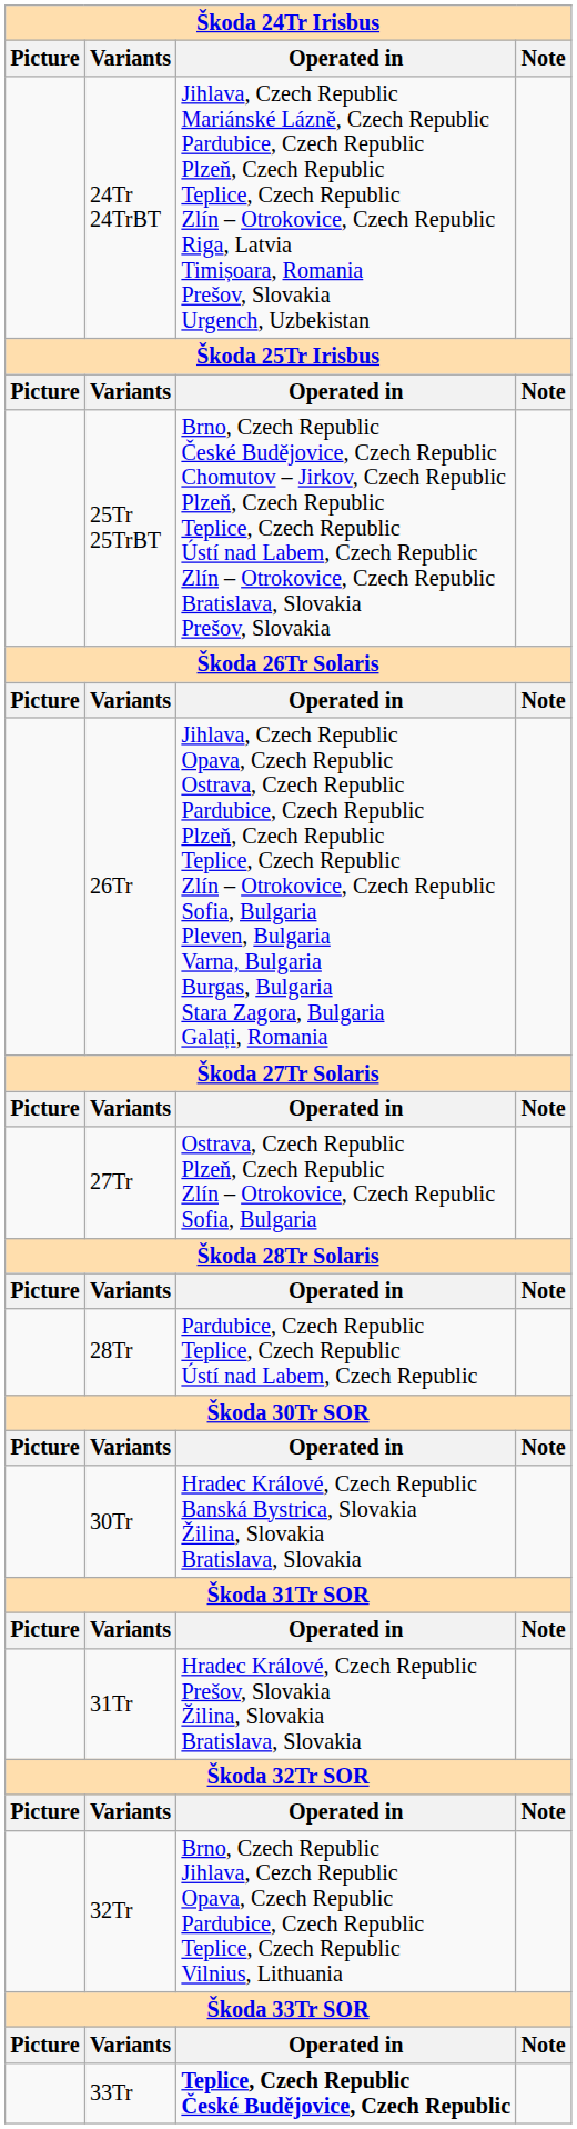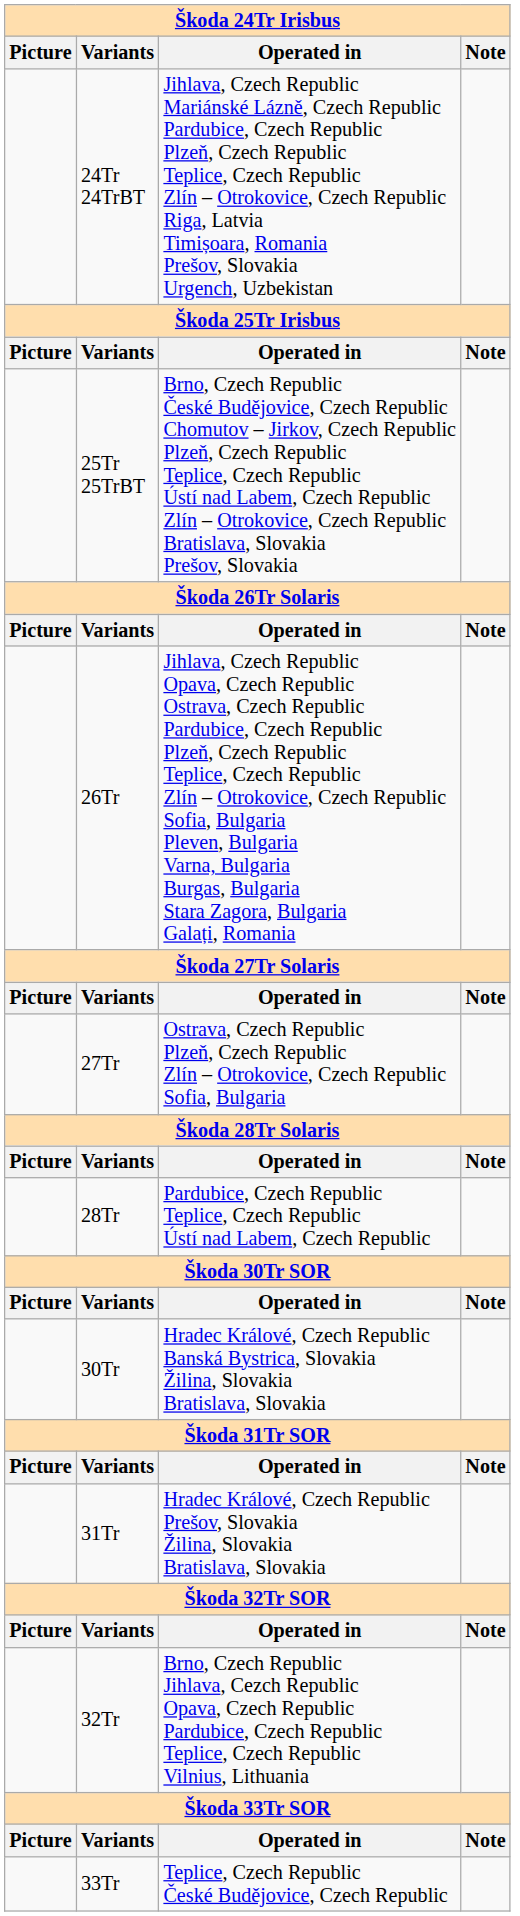 <table class="wikitable">
 <tr>
 <th colspan="4" style="background: #ffdead;"><a href='#'>Škoda 24Tr Irisbus</a></th>
 </tr>
 <tr>
 <th>Picture</th>
 <th>Variants</th>
 <th>Operated in</th>
 <th>Note</th>
 </tr>
 <tr>
 <td rowspan="1"></td>
 <td>24Tr <br> 24TrBT</td>
 <td> <a href='#'>Jihlava</a>, Czech Republic <br> <a href='#'>Mariánské Lázně</a>, Czech Republic <br> <a href='#'>Pardubice</a>, Czech Republic <br> <a href='#'>Plzeň</a>, Czech Republic <br> <a href='#'>Teplice</a>, Czech Republic <br> <a href='#'>Zlín</a> – <a href='#'>Otrokovice</a>, Czech Republic <br> <a href='#'>Riga</a>, Latvia <br> <a href='#'>Timișoara</a>, <a href='#'>Romania</a> <br> <a href='#'>Prešov</a>, Slovakia <br>  <a href='#'>Urgench</a>, Uzbekistan</td>
 <td></td>
 </tr>
 <tr>
 <th colspan="4" style="background: #ffdead;"><a href='#'>Škoda 25Tr Irisbus</a></th>
 </tr>
 <tr>
 <th>Picture</th>
 <th>Variants</th>
 <th>Operated in</th>
 <th>Note</th>
 </tr>
 <tr>
 <td rowspan="1"></td>
 <td>25Tr <br> 25TrBT</td>
 <td> <a href='#'>Brno</a>, Czech Republic <br> <a href='#'>České Budějovice</a>, Czech Republic <br> <a href='#'>Chomutov</a> – <a href='#'>Jirkov</a>, Czech Republic <br> <a href='#'>Plzeň</a>, Czech Republic <br> <a href='#'>Teplice</a>, Czech Republic <br> <a href='#'>Ústí nad Labem</a>, Czech Republic <br> <a href='#'>Zlín</a> – <a href='#'>Otrokovice</a>, Czech Republic <br> <a href='#'>Bratislava</a>, Slovakia <br> <a href='#'>Prešov</a>, Slovakia</td>
 <td></td>
 </tr>
 <tr>
 <th colspan="4" style="background: #ffdead;"><a href='#'>Škoda 26Tr Solaris</a></th>
 </tr>
 <tr>
 <th>Picture</th>
 <th>Variants</th>
 <th>Operated in</th>
 <th>Note</th>
 </tr>
 <tr>
 <td rowspan="1"></td>
 <td>26Tr</td>
 <td> <a href='#'>Jihlava</a>, Czech Republic <br> <a href='#'>Opava</a>, Czech Republic <br> <a href='#'>Ostrava</a>, Czech Republic <br> <a href='#'>Pardubice</a>, Czech Republic <br> <a href='#'>Plzeň</a>, Czech Republic <br> <a href='#'>Teplice</a>, Czech Republic <br> <a href='#'>Zlín</a> – <a href='#'>Otrokovice</a>, Czech Republic <br> <a href='#'>Sofia</a>, <a href='#'>Bulgaria</a> <br> <a href='#'>Pleven</a>, <a href='#'>Bulgaria</a> <br> <a href='#'>Varna, Bulgaria</a> <br>  <a href='#'>Burgas</a>, <a href='#'>Bulgaria</a> <br> <a href='#'>Stara Zagora</a>, <a href='#'>Bulgaria</a><br> <a href='#'>Galați</a>, <a href='#'>Romania</a></td>
 <td></td>
 </tr>
 <tr>
 <th colspan="4" style="background: #ffdead;"><a href='#'>Škoda 27Tr Solaris</a></th>
 </tr>
 <tr>
 <th>Picture</th>
 <th>Variants</th>
 <th>Operated in</th>
 <th>Note</th>
 </tr>
 <tr>
 <td rowspan="1"></td>
 <td>27Tr</td>
 <td> <a href='#'>Ostrava</a>, Czech Republic <br> <a href='#'>Plzeň</a>, Czech Republic <br> <a href='#'>Zlín</a> – <a href='#'>Otrokovice</a>, Czech Republic <br> <a href='#'>Sofia</a>, <a href='#'>Bulgaria</a></td>
 <td></td>
 </tr>
 <tr>
 <th colspan="4" style="background: #ffdead;"><a href='#'>Škoda 28Tr Solaris</a></th>
 </tr>
 <tr>
 <th>Picture</th>
 <th>Variants</th>
 <th>Operated in</th>
 <th>Note</th>
 </tr>
 <tr>
 <td rowspan="1"></td>
 <td>28Tr</td>
 <td> <a href='#'>Pardubice</a>, Czech Republic <br> <a href='#'>Teplice</a>, Czech Republic <br> <a href='#'>Ústí nad Labem</a>, Czech Republic</td>
 <td></td>
 </tr>
 <tr>
 <th colspan="4" style="background: #ffdead;"><a href='#'>Škoda 30Tr SOR</a></th>
 </tr>
 <tr>
 <th>Picture</th>
 <th>Variants</th>
 <th>Operated in</th>
 <th>Note</th>
 </tr>
 <tr>
 <td rowspan="1"></td>
 <td>30Tr</td>
 <td> <a href='#'>Hradec Králové</a>, Czech Republic <br> <a href='#'>Banská Bystrica</a>, Slovakia <br> <a href='#'>Žilina</a>, Slovakia <br> <a href='#'>Bratislava</a>, Slovakia</td>
 <td></td>
 </tr>
 <tr>
 <th colspan="4" style="background: #ffdead;"><a href='#'>Škoda 31Tr SOR</a></th>
 </tr>
 <tr>
 <th>Picture</th>
 <th>Variants</th>
 <th>Operated in</th>
 <th>Note</th>
 </tr>
 <tr>
 <td rowspan="1"></td>
 <td>31Tr</td>
 <td> <a href='#'>Hradec Králové</a>, Czech Republic <br> <a href='#'>Prešov</a>, Slovakia <br> <a href='#'>Žilina</a>, Slovakia <br> <a href='#'>Bratislava</a>, Slovakia</td>
 <td></td>
 </tr>
 <tr>
 <th colspan="4" style="background: #ffdead;"><a href='#'>Škoda 32Tr SOR</a></th>
 </tr>
 <tr>
 <th>Picture</th>
 <th>Variants</th>
 <th>Operated in</th>
 <th>Note</th>
 </tr>
 <tr>
 <td rowspan="1"></td>
 <td>32Tr</td>
 <td> <a href='#'>Brno</a>, Czech Republic <br> <a href='#'>Jihlava</a>, Cezch Republic <br> <a href='#'>Opava</a>, Czech Republic <br> <a href='#'>Pardubice</a>, Czech Republic <br> <a href='#'>Teplice</a>, Czech Republic <br> <a href='#'>Vilnius</a>, Lithuania</td>
 <td></td>
 </tr>
 <tr>
 <th colspan="4" style="background: #ffdead;"><a href='#'>Škoda 33Tr SOR</a></th>
 </tr>
 <tr>
 <th>Picture</th>
 <th>Variants</th>
 <th>Operated in</th>
 <th>Note</th>
 </tr>
 <tr>
 <td rowspan="1"></td>
 <td>33Tr</td>
-<td><strong> <a href='#'>Teplice</a>, Czech Republic <br> <a href='#'>České Budějovice</a>, Czech Republic</strong></td>
+<td> <a href='#'>Teplice</a>, Czech Republic <br> <a href='#'>České Budějovice</a>, Czech Republic</td>
 <td></td>
 </tr>
 </table>
